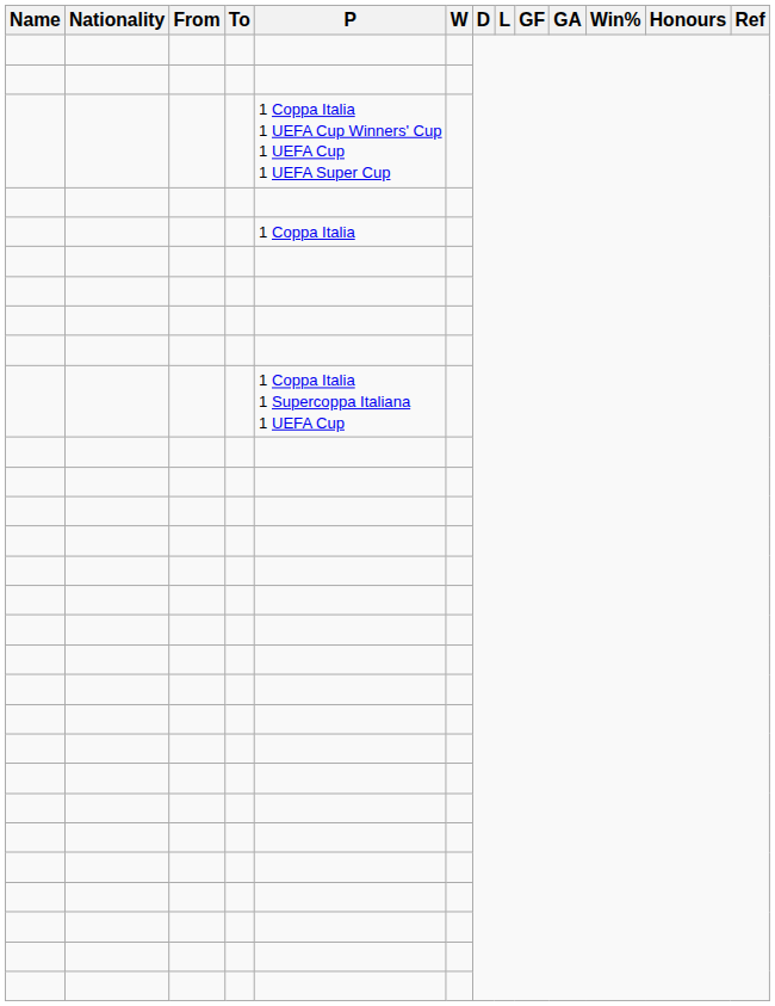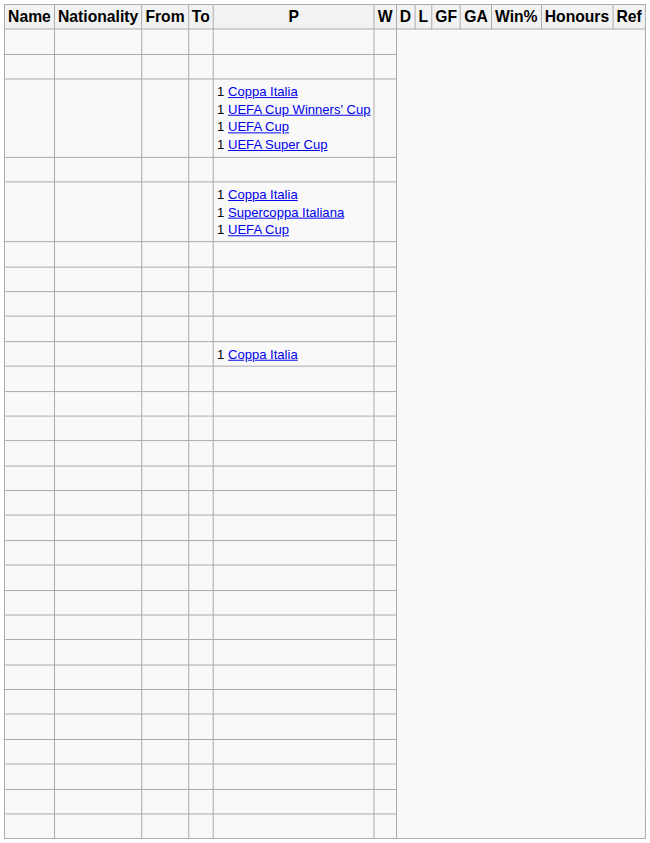 <table class="wikitable plainrowheaders sortable">
 <tr>
 <th scope="col">Name</th>
 <th scope="col">Nationality</th>
 <th scope="col">From</th>
 <th scope="col">To</th>
 <th scope="col">P</th>
 <th scope="col">W</th>
 <th scope="col">D</th>
 <th scope="col">L</th>
 <th scope="col">GF</th>
 <th scope="col">GA</th>
 <th scope="col">Win%</th>
 <th scope="col">Honours</th>
 <th scope="col" class="unsortable">Ref</th>
 </tr>
 <tr>
 <td align=left></td>
 <td></td>
 <td align=left></td>
 <td align=left><br></td>
 <td align=left></td>
 <td align=center></td>
 </tr>
 <tr>
 <td align=left></td>
 <td></td>
 <td align=left></td>
 <td align=left><br></td>
 <td align=left></td>
 <td></td>
 </tr>
 <tr>
 <td align=left></td>
 <td></td>
 <td align=left></td>
 <td align=left><br></td>
 <td align=left><small>1 <a href='#'>Coppa Italia</a><br>1 <a href='#'>UEFA Cup Winners' Cup</a><br>1 <a href='#'>UEFA Cup</a><br>1 <a href='#'>UEFA Super Cup</a></small></td>
 <td></td>
 </tr>
 <tr>
 <td align=left></td>
 <td></td>
 <td align=left></td>
 <td align=left><br></td>
 <td align=left></td>
 <td></td>
 </tr>
 <tr>
 <td align=left></td>
 <td></td>
 <td align=left></td>
 <td align=left><br></td>
-<td align=left><small>1 <a href='#'>Coppa Italia</a></small></td>
+<td align=left><small>1 <a href='#'>Coppa Italia</a><br>1 <a href='#'>Supercoppa Italiana</a><br>1 <a href='#'>UEFA Cup</a></small></td>
 <td></td>
 </tr>
 <tr>
 <td align=left></td>
 <td></td>
 <td align=left></td>
 <td align=left><br></td>
 <td align=left></td>
 <td></td>
 </tr>
 <tr>
 <td align=left></td>
 <td></td>
 <td align=left></td>
 <td align=left><br></td>
 <td align=left></td>
 <td></td>
 </tr>
 <tr>
 <td align=left><em></em></td>
 <td></td>
 <td align=left></td>
 <td align=left><br></td>
 <td align=left></td>
 <td></td>
 </tr>
 <tr>
 <td align=left></td>
 <td></td>
 <td align=left></td>
 <td align=left><br></td>
 <td align=left></td>
 <td></td>
 </tr>
 <tr>
 <td align=left></td>
 <td></td>
 <td align=left></td>
 <td align=left><br></td>
-<td align=left><small>1 <a href='#'>Coppa Italia</a><br>1 <a href='#'>Supercoppa Italiana</a><br>1 <a href='#'>UEFA Cup</a></small></td>
+<td align=left><small>1 <a href='#'>Coppa Italia</a></small></td>
 <td></td>
 </tr>
 <tr>
 <td align=left></td>
 <td></td>
 <td align=left></td>
 <td align=left><br></td>
 <td align=left></td>
 <td></td>
 </tr>
 <tr>
 <td align=left></td>
 <td></td>
 <td align=left></td>
 <td align=left><br></td>
 <td align=left></td>
 <td></td>
 </tr>
 <tr>
 <td align=left></td>
 <td></td>
 <td align=left></td>
 <td align=left><br></td>
 <td align=left></td>
 <td></td>
 </tr>
 <tr>
 <td align=left></td>
 <td></td>
 <td align=left></td>
 <td align=left><br></td>
 <td align=left></td>
 <td></td>
 </tr>
 <tr>
 <td align=left></td>
 <td></td>
 <td align=left></td>
 <td align=left><br></td>
 <td align=left></td>
 <td align=center></td>
 </tr>
 <tr>
 <td align=left></td>
 <td></td>
 <td align=left></td>
 <td align=left><br></td>
 <td align=left></td>
 <td></td>
 </tr>
 <tr>
 <td align=left></td>
 <td></td>
 <td align=left></td>
 <td align=left><br></td>
 <td align=left></td>
 <td align=center></td>
 </tr>
 <tr>
 <td align=left></td>
 <td></td>
 <td align=left></td>
 <td align=left><br></td>
 <td align=left></td>
 <td></td>
 </tr>
 <tr>
 <td align=left><em></em></td>
 <td></td>
 <td align=left></td>
 <td align=left><br></td>
 <td align=left></td>
 <td></td>
 </tr>
 <tr>
 <td align=left></td>
 <td></td>
 <td align=left></td>
 <td align=left><br></td>
 <td align=left></td>
 <td></td>
 </tr>
 <tr>
 <td align=left></td>
 <td></td>
 <td align=left></td>
 <td align=left><br></td>
 <td align=left></td>
 <td align=center></td>
 </tr>
 <tr>
 <td align=left></td>
 <td></td>
 <td align=left></td>
 <td align=left><br></td>
 <td align=left></td>
 <td></td>
 </tr>
 <tr>
 <td align=left></td>
 <td></td>
 <td align=left></td>
 <td align=left><br></td>
 <td align=left></td>
 <td align=center></td>
 </tr>
 <tr>
 <td align=left></td>
 <td></td>
 <td align=left></td>
 <td align=left><br></td>
 <td align=left></td>
 <td align=center></td>
 </tr>
 <tr>
 <td align=left></td>
 <td></td>
 <td align=left></td>
 <td align=left><br></td>
 <td align=left></td>
 <td align=center></td>
 </tr>
 <tr>
 <td align=left></td>
 <td></td>
 <td align=left></td>
 <td align=left><br></td>
 <td align=left></td>
 <td align=center></td>
 </tr>
 <tr>
 <td align=left></td>
 <td></td>
 <td align=left></td>
 <td align=left><br></td>
 <td align=left></td>
 <td align=center></td>
 </tr>
 <tr>
 <td align=left></td>
 <td></td>
 <td align=left></td>
 <td align=left><br></td>
 <td align=left></td>
 <td align=center></td>
 </tr>
 <tr>
 <td align=left></td>
 <td></td>
 <td align=left></td>
 <td align=left><br></td>
 <td align=left></td>
 <td align=center></td>
 </tr>
 </table>
